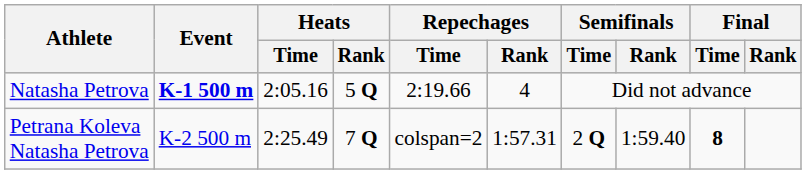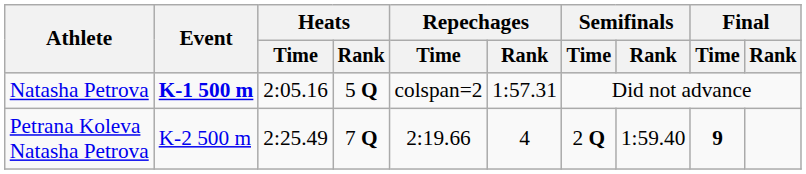 <table class="wikitable" style="font-size:90%; text-align:center;">
 <tr>
 <th rowspan=2>Athlete</th>
 <th rowspan=2>Event</th>
 <th colspan=2>Heats</th>
 <th colspan=2>Repechages</th>
 <th colspan=2>Semifinals</th>
 <th colspan=2>Final</th>
 </tr>
 <tr style="font-size:95%">
 <th>Time</th>
 <th>Rank</th>
 <th>Time</th>
 <th>Rank</th>
 <th>Time</th>
 <th>Rank</th>
 <th>Time</th>
 <th>Rank</th>
 </tr>
 <tr>
 <td align=left><a href='#'>Natasha Petrova</a></td>
 <td align=left><strong><a href='#'>K-1 500 m</a></strong></td>
 <td>2:05.16</td>
 <td>5 <strong>Q</strong></td>
-<td>2:19.66</td>
-<td>4</td>
+<td>colspan=2 </td>
+<td>1:57.31</td>
 <td colspan=4>Did not advance</td>
 </tr>
 <tr>
 <td align=left><a href='#'>Petrana Koleva</a><br><a href='#'>Natasha Petrova</a></td>
 <td align=left><a href='#'>K-2 500 m</a></td>
 <td>2:25.49</td>
 <td>7 <strong>Q</strong></td>
-<td>colspan=2 </td>
-<td>1:57.31</td>
+<td>2:19.66</td>
+<td>4</td>
 <td>2 <strong>Q</strong></td>
 <td>1:59.40</td>
-<td><strong>8</strong></td>
+<td><strong>9</strong></td>
 </tr>
 </table>
